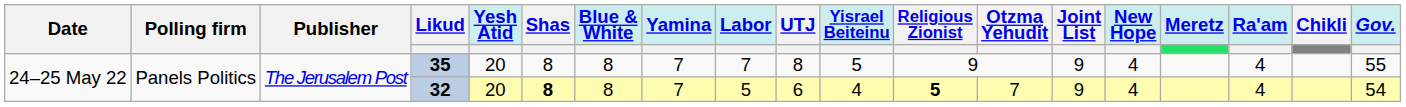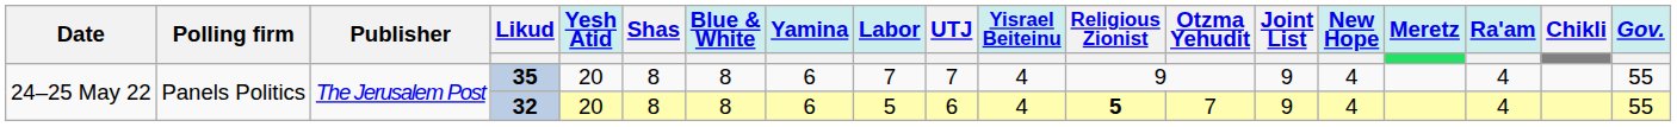 <table class="wikitable sortable" style=text-align:center;font-size:90%;line-height:12px>
 <tr>
 <th rowspan=2>Date</th>
 <th rowspan=2>Polling firm</th>
 <th rowspan=2>Publisher</th>
 <th><a href='#'>Likud</a></th>
 <th style=background:#cee><a href='#'>Yesh<br>Atid</a></th>
 <th><a href='#'>Shas</a></th>
 <th style=background:#cee><a href='#'>Blue &<br>White</a></th>
 <th style=background:#cee><a href='#'>Yamina</a></th>
 <th style=background:#cee><a href='#'>Labor</a></th>
 <th><a href='#'>UTJ</a></th>
 <th style="background:#cee; font-size:90%"><a href='#'>Yisrael<br>Beiteinu</a></th>
 <th style=font-size:90%><a href='#'>Religious<br>Zionist</a></th>
 <th><a href='#'>Otzma<br>Yehudit</a></th>
 <th><a href='#'>Joint<br>List</a></th>
 <th style=background:#cee><a href='#'>New<br>Hope</a></th>
 <th style=background:#cee><a href='#'>Meretz</a></th>
 <th style=background:#cee><a href='#'>Ra'am</a></th>
 <th><a href='#'>Chikli</a></th>
 <th style=background:#cee><a href='#'><em>Gov.</em></a></th>
 </tr>
 <tr>
 <th style=background:></th>
 <th style=background:></th>
 <th style=background:></th>
 <th style=background:></th>
 <th style=background:></th>
 <th style=background:></th>
 <th style=background:></th>
 <th style=background:></th>
 <th style=background:></th>
 <th style=background:></th>
 <th style=background:></th>
 <th style=background:></th>
 <th style=background:#23e164></th>
 <th style=background:></th>
 <th style=background:grey></th>
 <th style=background:></th>
 </tr>
 <tr>
 <td rowspan=2 data-sort-value=2022-05-25>24–25 May 22</td>
 <td rowspan=2>Panels Politics</td>
 <td rowspan=2 style=letter-spacing:-1px><em><a href='#'>The Jerusalem Post</a></em></td>
 <td style=background:#BBCDE4><strong>35</strong>	</td>
 <td>20					</td>
 <td>8					</td>
 <td>8					</td>
+<td>6					</td>
 <td>7					</td>
 <td>7					</td>
-<td>8					</td>
-<td>5					</td>
+<td>4					</td>
 <td colspan=2>9		</td>
 <td>9					</td>
 <td>4					</td>
 <td>	</td>
 <td>4					</td>
 <td>			</td>
 <td>55					</td>
 </tr>
 <tr style=background:#fffdb0>
 <td style=background:#BBCDE4><strong>32</strong>	</td>
 <td>20					</td>
-<td><strong>8					</strong></td>
 <td>8					</td>
-<td>7					</td>
+<td>8					</td>
+<td>6					</td>
 <td>5					</td>
 <td>6					</td>
 <td>4					</td>
 <td><strong>5					</strong></td>
 <td>7					</td>
 <td>9					</td>
 <td>4					</td>
 <td>	</td>
 <td>4					</td>
 <td>	</td>
-<td>54					</td>
+<td>55					</td>
 </tr>
 </table>
